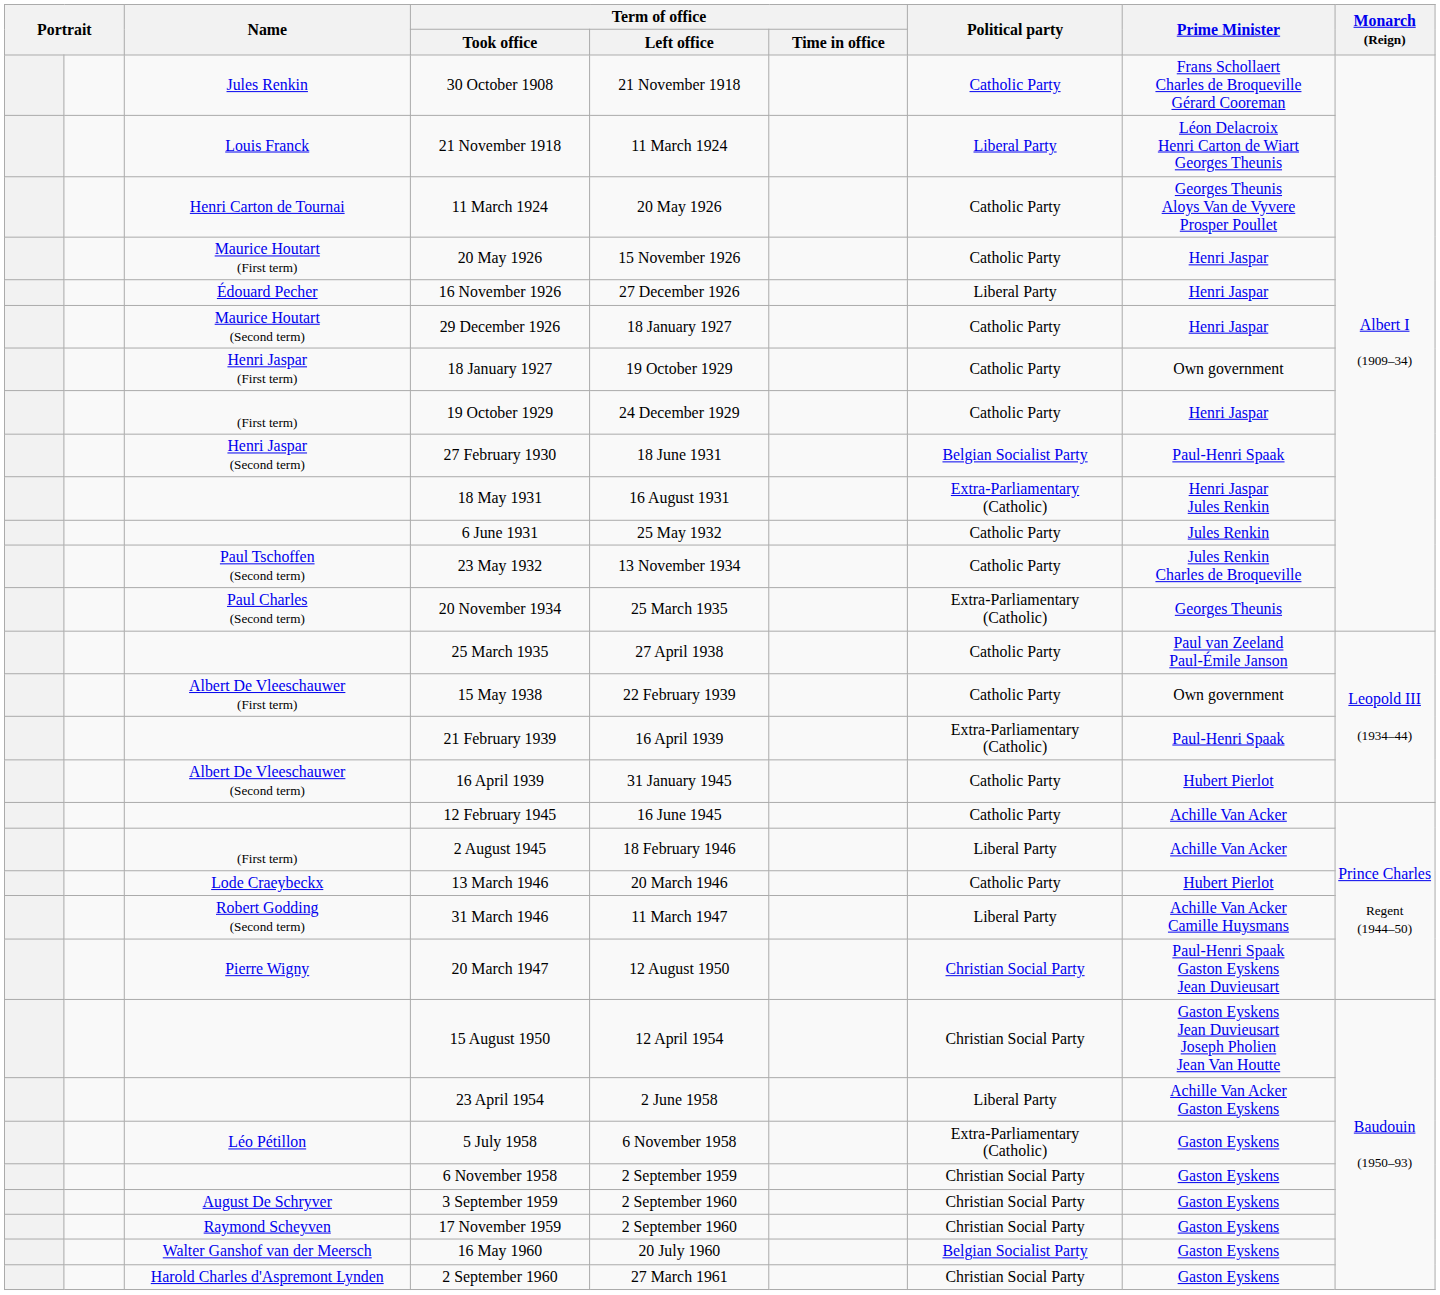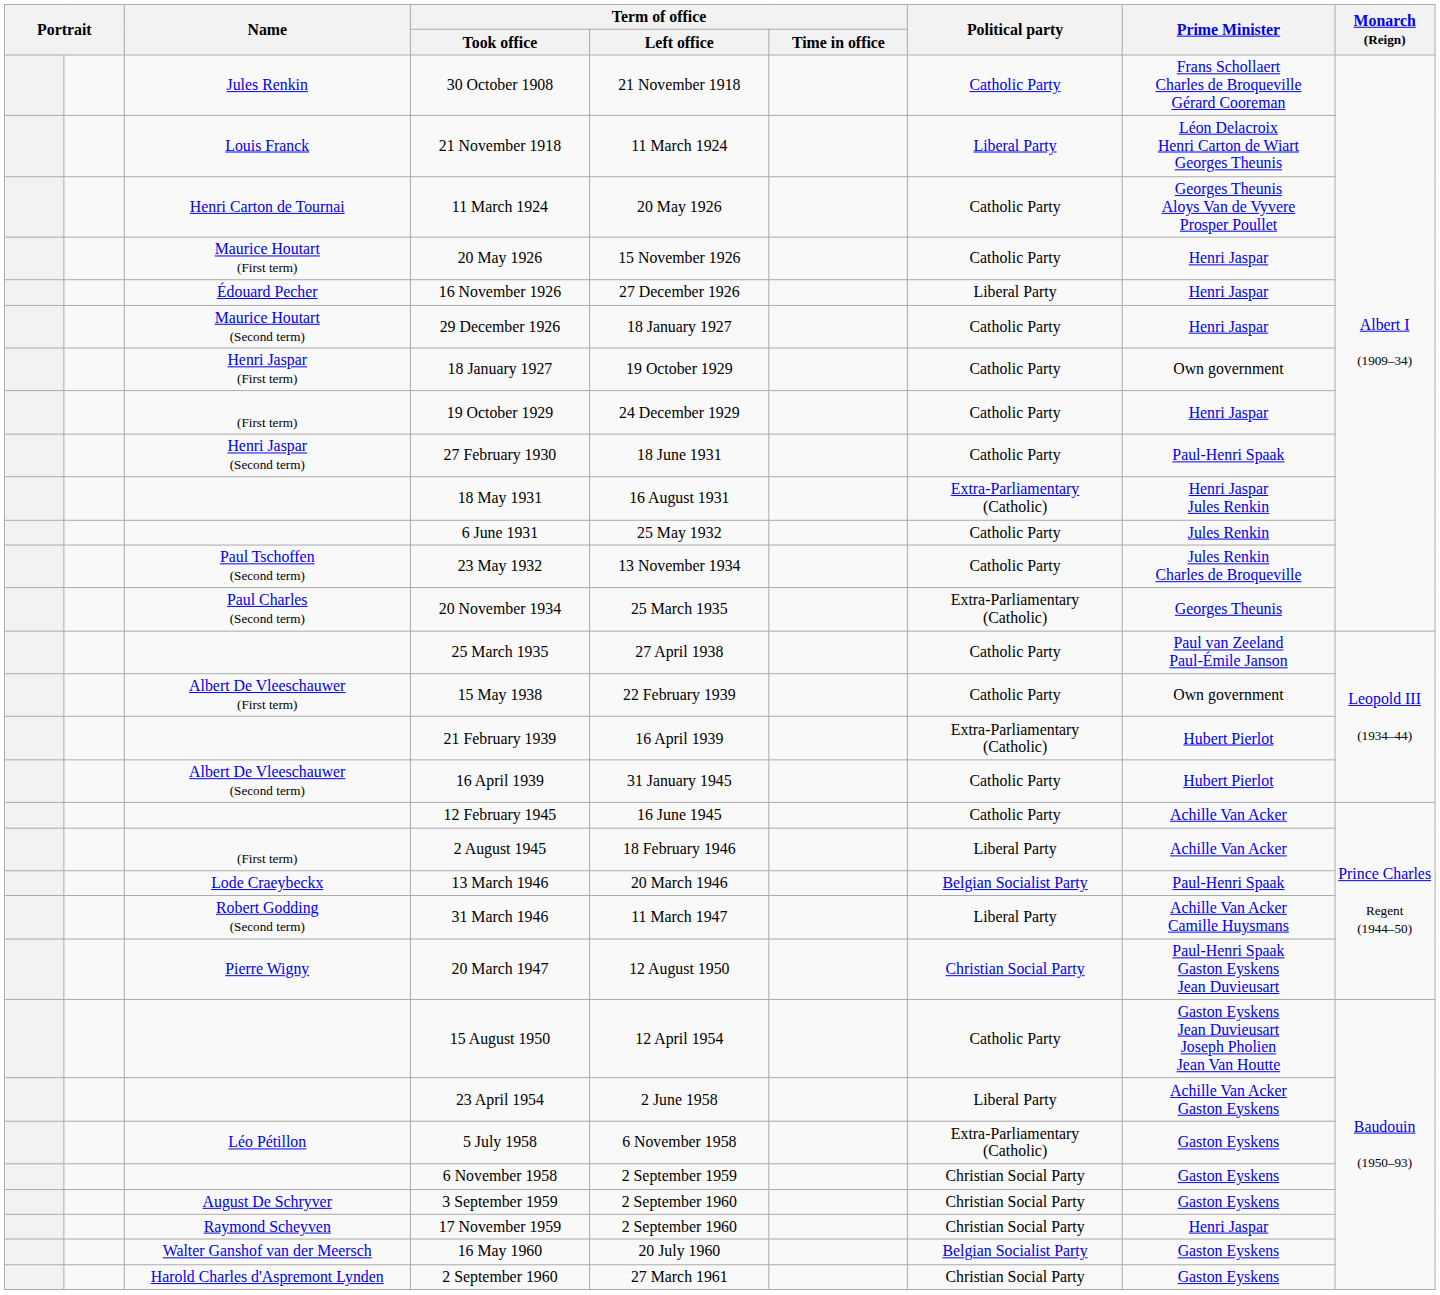 <table class="wikitable" style="text-align:center; border:1px #AAAAFF solid">
 <tr>
 <th rowspan=2 colspan=2 width=80px>Portrait</th>
 <th rowspan=2 width=20%>Name</th>
 <th colspan=3>Term of office</th>
 <th rowspan=2 width=15%>Political party</th>
 <th rowspan=2><a href='#'>Prime Minister</a></th>
 <th rowspan=2 width=7%><a href='#'>Monarch</a><br><small>(Reign)</small></th>
 </tr>
 <tr>
 <th>Took office</th>
 <th>Left office</th>
 <th>Time in office</th>
 </tr>
 <tr>
 <th style="background:"></th>
 <td></td>
 <td><a href='#'>Jules Renkin</a></td>
 <td>30 October 1908</td>
 <td>21 November 1918</td>
 <td></td>
 <td><a href='#'>Catholic Party</a></td>
 <td><a href='#'>Frans Schollaert</a><br><a href='#'>Charles de Broqueville</a><br><a href='#'>Gérard Cooreman</a></td>
 <td rowspan=13><a href='#'>Albert I</a><br><br><small>(1909–34)</small></td>
 </tr>
 <tr>
 <th style="background:"></th>
 <td></td>
 <td><a href='#'>Louis Franck</a></td>
 <td>21 November 1918</td>
 <td>11 March 1924</td>
 <td></td>
 <td><a href='#'>Liberal Party</a></td>
 <td><a href='#'>Léon Delacroix</a><br><a href='#'>Henri Carton de Wiart</a><br><a href='#'>Georges Theunis</a></td>
 </tr>
 <tr>
 <th style="background:"></th>
 <td></td>
 <td><a href='#'>Henri Carton de Tournai</a></td>
 <td>11 March 1924</td>
 <td>20 May 1926</td>
 <td></td>
 <td>Catholic Party</td>
 <td><a href='#'>Georges Theunis</a><br><a href='#'>Aloys Van de Vyvere</a><br><a href='#'>Prosper Poullet</a></td>
 </tr>
 <tr>
 <th style="background:"></th>
 <td></td>
 <td><a href='#'>Maurice Houtart</a><br><small>(First term)</small></td>
 <td>20 May 1926</td>
 <td>15 November 1926</td>
 <td></td>
 <td>Catholic Party</td>
 <td><a href='#'>Henri Jaspar</a></td>
 </tr>
 <tr>
 <th style="background:"></th>
 <td></td>
 <td><a href='#'>Édouard Pecher</a></td>
 <td>16 November 1926</td>
 <td>27 December 1926</td>
 <td></td>
 <td>Liberal Party</td>
 <td><a href='#'>Henri Jaspar</a></td>
 </tr>
 <tr>
 <th style="background:"></th>
 <td></td>
 <td><a href='#'>Maurice Houtart</a><br><small>(Second term)</small></td>
 <td>29 December 1926</td>
 <td>18 January 1927</td>
 <td></td>
 <td>Catholic Party</td>
 <td><a href='#'>Henri Jaspar</a></td>
 </tr>
 <tr>
 <th style="background:"></th>
 <td></td>
 <td><a href='#'>Henri Jaspar</a><br><small>(First term)</small></td>
 <td>18 January 1927</td>
 <td>19 October 1929</td>
 <td></td>
 <td>Catholic Party</td>
 <td>Own government</td>
 </tr>
 <tr>
 <th style="background:"></th>
 <td></td>
 <td><br><small>(First term)</small></td>
 <td>19 October 1929</td>
 <td>24 December 1929</td>
 <td></td>
 <td>Catholic Party</td>
 <td><a href='#'>Henri Jaspar</a></td>
 </tr>
 <tr>
 <th style="background:"></th>
 <td></td>
 <td><a href='#'>Henri Jaspar</a><br><small>(Second term)</small></td>
 <td>27 February 1930</td>
 <td>18 June 1931</td>
 <td></td>
-<td><a href='#'>Belgian Socialist Party</a></td>
+<td>Catholic Party</td>
 <td><a href='#'>Paul-Henri Spaak</a></td>
 </tr>
 <tr>
 <th style="background:"></th>
 <td></td>
 <td></td>
 <td>18 May 1931</td>
 <td>16 August 1931</td>
 <td></td>
 <td><a href='#'>Extra-Parliamentary</a><br>(Catholic)</td>
 <td><a href='#'>Henri Jaspar</a><br><a href='#'>Jules Renkin</a></td>
 </tr>
 <tr>
 <th style="background:"></th>
 <td></td>
 <td></td>
 <td>6 June 1931</td>
 <td>25 May 1932</td>
 <td></td>
 <td>Catholic Party</td>
 <td><a href='#'>Jules Renkin</a></td>
 </tr>
 <tr>
 <th style="background:"></th>
 <td></td>
 <td><a href='#'>Paul Tschoffen</a><br><small>(Second term)</small></td>
 <td>23 May 1932</td>
 <td>13 November 1934</td>
 <td></td>
 <td>Catholic Party</td>
 <td><a href='#'>Jules Renkin</a><br><a href='#'>Charles de Broqueville</a></td>
 </tr>
 <tr>
 <th style="background:"></th>
 <td></td>
 <td><a href='#'>Paul Charles</a><br><small>(Second term)</small></td>
 <td>20 November 1934</td>
 <td>25 March 1935</td>
 <td></td>
 <td>Extra-Parliamentary<br>(Catholic)</td>
 <td><a href='#'>Georges Theunis</a></td>
 </tr>
 <tr>
 <th style="background:"></th>
 <td></td>
 <td> </td>
 <td>25 March 1935</td>
 <td>27 April 1938</td>
 <td></td>
 <td>Catholic Party</td>
 <td><a href='#'>Paul van Zeeland</a><br><a href='#'>Paul-Émile Janson</a></td>
 <td rowspan=4><a href='#'>Leopold III</a><br><br><small>(1934–44)</small></td>
 </tr>
 <tr>
 <th style="background:"></th>
 <td></td>
 <td><a href='#'>Albert De Vleeschauwer</a><br><small>(First term)</small></td>
 <td>15 May 1938</td>
 <td>22 February 1939</td>
 <td></td>
 <td>Catholic Party</td>
 <td>Own government</td>
 </tr>
 <tr>
 <th style="background:"></th>
 <td></td>
 <td></td>
 <td>21 February 1939</td>
 <td>16 April 1939</td>
 <td></td>
 <td>Extra-Parliamentary<br>(Catholic)</td>
-<td><a href='#'>Paul-Henri Spaak</a></td>
+<td><a href='#'>Hubert Pierlot</a></td>
 </tr>
 <tr>
 <th style="background:"></th>
 <td></td>
 <td><a href='#'>Albert De Vleeschauwer</a><br><small>(Second term)</small></td>
 <td>16 April 1939</td>
 <td>31 January 1945</td>
 <td></td>
 <td>Catholic Party</td>
 <td><a href='#'>Hubert Pierlot</a></td>
 </tr>
 <tr>
 <th style="background:"></th>
 <td></td>
 <td></td>
 <td>12 February 1945</td>
 <td>16 June 1945</td>
 <td></td>
 <td>Catholic Party</td>
 <td><a href='#'>Achille Van Acker</a></td>
 <td rowspan=5><a href='#'>Prince Charles</a><br><br><small>Regent<br>(1944–50)</small></td>
 </tr>
 <tr>
 <th style="background:"></th>
 <td></td>
 <td><br><small>(First term)</small></td>
 <td>2 August 1945</td>
 <td>18 February 1946</td>
 <td></td>
 <td>Liberal Party</td>
 <td><a href='#'>Achille Van Acker</a></td>
 </tr>
 <tr>
 <th style="background:"></th>
 <td></td>
 <td><a href='#'>Lode Craeybeckx</a></td>
 <td>13 March 1946</td>
 <td>20 March 1946</td>
 <td></td>
-<td>Catholic Party</td>
-<td><a href='#'>Hubert Pierlot</a></td>
+<td><a href='#'>Belgian Socialist Party</a></td>
+<td><a href='#'>Paul-Henri Spaak</a></td>
 </tr>
 <tr>
 <th style="background:"></th>
 <td></td>
 <td><a href='#'>Robert Godding</a><br><small>(Second term)</small></td>
 <td>31 March 1946</td>
 <td>11 March 1947</td>
 <td></td>
 <td>Liberal Party</td>
 <td><a href='#'>Achille Van Acker</a><br><a href='#'>Camille Huysmans</a></td>
 </tr>
 <tr>
 <th style="background:"></th>
 <td></td>
 <td><a href='#'>Pierre Wigny</a></td>
 <td>20 March 1947</td>
 <td>12 August 1950</td>
 <td></td>
 <td><a href='#'>Christian Social Party</a></td>
 <td><a href='#'>Paul-Henri Spaak</a><br><a href='#'>Gaston Eyskens</a><br><a href='#'>Jean Duvieusart</a></td>
 </tr>
 <tr>
 <th style="background:"></th>
 <td></td>
 <td></td>
 <td>15 August 1950</td>
 <td>12 April 1954</td>
 <td></td>
-<td>Christian Social Party</td>
+<td>Catholic Party</td>
 <td><a href='#'>Gaston Eyskens</a><br><a href='#'>Jean Duvieusart</a><br><a href='#'>Joseph Pholien</a><br><a href='#'>Jean Van Houtte</a></td>
 <td rowspan=8><a href='#'>Baudouin</a><br><br><small>(1950–93)</small></td>
 </tr>
 <tr>
 <th style="background:"></th>
 <td></td>
 <td></td>
 <td>23 April 1954</td>
 <td>2 June 1958</td>
 <td></td>
 <td>Liberal Party</td>
 <td><a href='#'>Achille Van Acker</a><br><a href='#'>Gaston Eyskens</a></td>
 </tr>
 <tr>
 <th style="background:"></th>
 <td></td>
 <td><a href='#'>Léo Pétillon</a></td>
 <td>5 July 1958</td>
 <td>6 November 1958</td>
 <td></td>
 <td>Extra-Parliamentary<br>(Catholic)</td>
 <td><a href='#'>Gaston Eyskens</a></td>
 </tr>
 <tr>
 <th style="background:"></th>
 <td></td>
 <td></td>
 <td>6 November 1958</td>
 <td>2 September 1959</td>
 <td></td>
 <td>Christian Social Party</td>
 <td><a href='#'>Gaston Eyskens</a></td>
 </tr>
 <tr>
 <th style="background:"></th>
 <td></td>
 <td><a href='#'>August De Schryver</a></td>
 <td>3 September 1959</td>
 <td>2 September 1960</td>
 <td></td>
 <td>Christian Social Party</td>
 <td><a href='#'>Gaston Eyskens</a></td>
 </tr>
 <tr>
 <th style="background:"></th>
 <td></td>
 <td><a href='#'>Raymond Scheyven</a></td>
 <td>17 November 1959</td>
 <td>2 September 1960</td>
 <td></td>
 <td>Christian Social Party</td>
-<td><a href='#'>Gaston Eyskens</a></td>
+<td><a href='#'>Henri Jaspar</a></td>
 </tr>
 <tr>
 <th style="background:"></th>
 <td></td>
 <td><a href='#'>Walter Ganshof van der Meersch</a></td>
 <td>16 May 1960</td>
 <td>20 July 1960</td>
 <td></td>
 <td><a href='#'>Belgian Socialist Party</a></td>
 <td><a href='#'>Gaston Eyskens</a></td>
 </tr>
 <tr>
 <th style="background:"></th>
 <td></td>
 <td><a href='#'>Harold Charles d'Aspremont Lynden</a></td>
 <td>2 September 1960</td>
 <td>27 March 1961</td>
 <td></td>
 <td>Christian Social Party</td>
 <td><a href='#'>Gaston Eyskens</a></td>
 </tr>
 </table>
